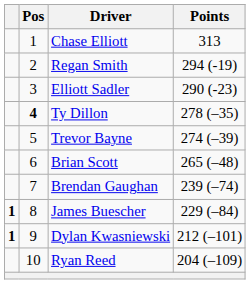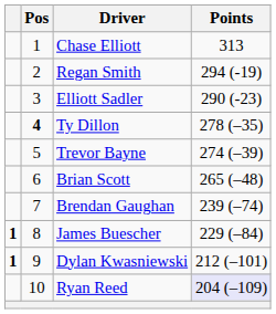 <table class="wikitable" style="font-size: 95%;">
 <tr>
 <th></th>
 <th>Pos</th>
 <th>Driver</th>
 <th>Points</th>
 </tr>
 <tr>
 <td align="left"></td>
 <td style="text-align:center;">1</td>
 <td><a href='#'>Chase Elliott</a></td>
 <td style="text-align:center;">313</td>
 </tr>
 <tr>
 <td align="left"></td>
 <td style="text-align:center;">2</td>
 <td><a href='#'>Regan Smith</a></td>
 <td style="text-align:center;">294 (-19)</td>
 </tr>
 <tr>
 <td align="left"></td>
 <td style="text-align:center;">3</td>
 <td><a href='#'>Elliott Sadler</a></td>
 <td style="text-align:center;">290 (-23)</td>
 </tr>
 <tr>
 <td align="left"></td>
 <td style="text-align:center;"><strong>4</strong></td>
 <td><a href='#'>Ty Dillon</a></td>
 <td style="text-align:center;">278 (–35)</td>
 </tr>
 <tr>
 <td align="left"></td>
 <td style="text-align:center;">5</td>
 <td><a href='#'>Trevor Bayne</a></td>
 <td style="text-align:center;">274 (–39)</td>
 </tr>
 <tr>
 <td align="left"></td>
 <td style="text-align:center;">6</td>
 <td><a href='#'>Brian Scott</a></td>
 <td style="text-align:center;">265 (–48)</td>
 </tr>
 <tr>
 <td align="left"></td>
 <td style="text-align:center;">7</td>
 <td><a href='#'>Brendan Gaughan</a></td>
 <td style="text-align:center;">239 (–74)</td>
 </tr>
 <tr>
 <td align="left"> <strong>1</strong></td>
 <td style="text-align:center;">8</td>
 <td><a href='#'>James Buescher</a></td>
 <td style="text-align:center;">229 (–84)</td>
 </tr>
 <tr>
 <td align="left"> <strong>1</strong></td>
 <td style="text-align:center;">9</td>
 <td><a href='#'>Dylan Kwasniewski</a></td>
 <td style="text-align:center;">212 (–101)</td>
 </tr>
 <tr>
 <td align="left"></td>
 <td style="text-align:center;">10</td>
 <td><a href='#'>Ryan Reed</a></td>
-<td style="text-align:center;">204 (–109)</td>
+<td style="background: lavender; text-align:center;">204 (–109)</td>
 </tr>
 <tr class="sortbottom">
 <th colspan="9"></th>
 </tr>
 </table>
